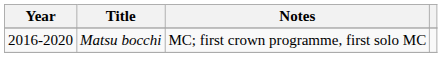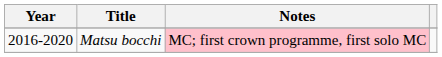 <table class="wikitable">
 <tr>
 <th>Year</th>
 <th>Title</th>
 <th>Notes</th>
 <th></th>
 </tr>
 <tr>
 </tr>
 <tr>
 <td>2016-2020</td>
 <td><em>Matsu bocchi</em></td>
-<td>MC; first crown programme, first solo MC</td>
+<td style="background: pink;">MC; first crown programme, first solo MC</td>
 <td></td>
 </tr>
 <tr>
 </tr>
 </table>
